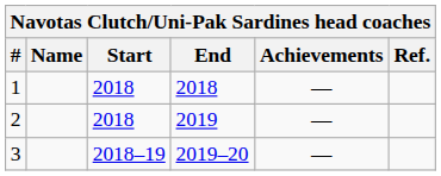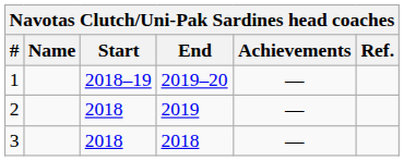 <table class="wikitable sortable">
 <tr>
 <th colspan="6">Navotas Clutch/Uni-Pak Sardines head coaches</th>
 </tr>
 <tr>
 <th>#</th>
 <th>Name</th>
 <th>Start</th>
 <th>End</th>
 <th>Achievements</th>
 <th>Ref.</th>
 </tr>
 <tr>
 <td align=center>1</td>
 <td></td>
-<td><a href='#'>2018</a></td>
-<td><a href='#'>2018</a></td>
+<td><a href='#'>2018–19</a></td>
+<td><a href='#'>2019–20</a></td>
 <td align=center>—</td>
 <td></td>
 </tr>
 <tr>
 <td align=center>2</td>
 <td></td>
 <td><a href='#'>2018</a></td>
 <td><a href='#'>2019</a></td>
 <td align=center>—</td>
 <td></td>
 </tr>
 <tr>
 <td align=center>3</td>
 <td></td>
-<td><a href='#'>2018–19</a></td>
-<td><a href='#'>2019–20</a></td>
+<td><a href='#'>2018</a></td>
+<td><a href='#'>2018</a></td>
 <td align=center>—</td>
 <td></td>
 </tr>
 </table>
